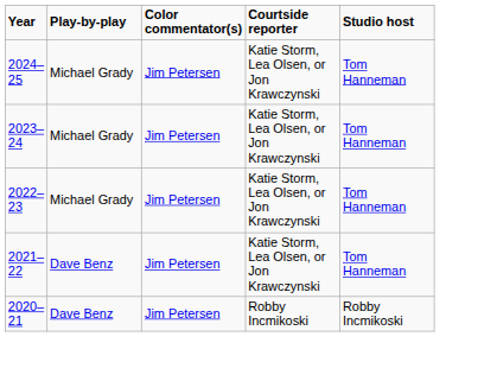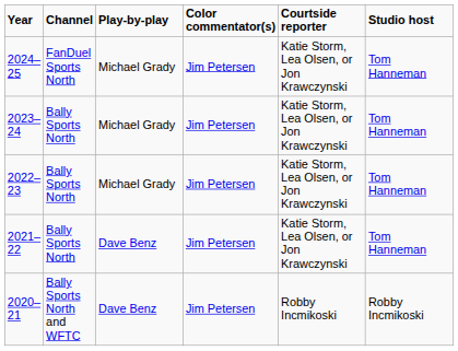 <table class="wikitable">
 <tr>
 <td style="width:40px; "><strong>Year</strong></td>
+<td style="width:40px; "><strong>Channel</strong></td>
 <td style="width:110px; "><strong>Play-by-play</strong></td>
 <td style="width:110px; "><strong>Color commentator(s)</strong></td>
 <td style="width:110px; "><strong>Courtside reporter</strong></td>
 <td style="width:110px; "><strong>Studio host</strong></td>
 </tr>
 <tr>
 <td><a href='#'>2024–25</a></td>
+<td><a href='#'>FanDuel Sports North</a></td>
 <td>Michael Grady</td>
 <td><a href='#'>Jim Petersen</a></td>
 <td>Katie Storm, Lea Olsen, or Jon Krawczynski</td>
 <td><a href='#'>Tom Hanneman</a></td>
 </tr>
 <tr>
 <td><a href='#'>2023–24</a></td>
+<td><a href='#'>Bally Sports North</a></td>
 <td>Michael Grady</td>
 <td><a href='#'>Jim Petersen</a></td>
 <td>Katie Storm, Lea Olsen, or Jon Krawczynski</td>
 <td><a href='#'>Tom Hanneman</a></td>
 </tr>
 <tr>
 <td><a href='#'>2022–23</a></td>
+<td><a href='#'>Bally Sports North</a></td>
 <td>Michael Grady</td>
 <td><a href='#'>Jim Petersen</a></td>
 <td>Katie Storm, Lea Olsen, or Jon Krawczynski</td>
 <td><a href='#'>Tom Hanneman</a></td>
 </tr>
 <tr>
 <td><a href='#'>2021–22</a></td>
+<td><a href='#'>Bally Sports North</a></td>
 <td><a href='#'>Dave Benz</a></td>
 <td><a href='#'>Jim Petersen</a></td>
 <td>Katie Storm, Lea Olsen, or Jon Krawczynski</td>
 <td><a href='#'>Tom Hanneman</a></td>
 </tr>
 <tr>
 <td><a href='#'>2020–21</a></td>
+<td><a href='#'>Bally Sports North</a> and <a href='#'>WFTC</a></td>
 <td><a href='#'>Dave Benz</a></td>
 <td><a href='#'>Jim Petersen</a></td>
 <td>Robby Incmikoski</td>
 <td>Robby Incmikoski</td>
 </tr>
 </table>
